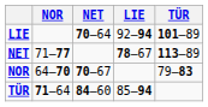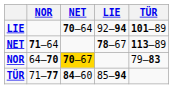 <table class="wikitable">
 <tr>
 <th></th>
 <th> <a href='#'>NOR</a></th>
 <th> <a href='#'>NET</a></th>
 <th> <a href='#'>LIE</a></th>
 <th> <a href='#'>TÜR</a></th>
 </tr>
 <tr>
 <td> <a href='#'><strong>LIE</strong></a></td>
 <td></td>
 <td><strong>70</strong>–64</td>
 <td>92–<strong>94</strong></td>
 <td><strong>101</strong>–89</td>
 </tr>
 <tr>
 <td> <a href='#'><strong>NET</strong></a></td>
-<td>71–<strong>77</strong></td>
+<td><strong>71</strong>–64</td>
 <td></td>
 <td><strong>78</strong>–67</td>
 <td><strong>113</strong>–89</td>
 </tr>
 <tr>
 <td> <a href='#'><strong>NOR</strong></a></td>
 <td>64–<strong>70</strong></td>
-<td><strong>70</strong>–67</td>
+<td style="background: gold;"><strong>70</strong>–67</td>
 <td></td>
 <td>79–<strong>83</strong></td>
 </tr>
 <tr>
 <td> <a href='#'><strong>TÜR</strong></a></td>
-<td><strong>71</strong>–64</td>
+<td>71–<strong>77</strong></td>
 <td><strong>84</strong>–60</td>
 <td>85–<strong>94</strong></td>
 <td></td>
 </tr>
 </table>
